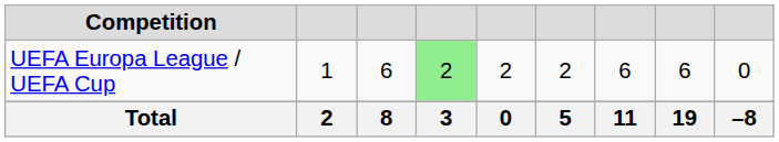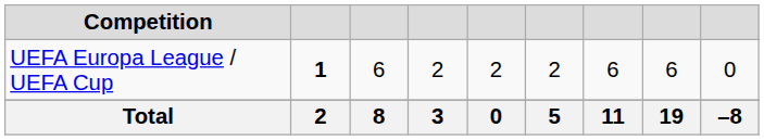 <table class="wikitable" style="text-align: center;">
 <tr>
 <th width="200" style="background:#DCDCDC">Competition</th>
 <th width="35" style="background:#DCDCDC"></th>
 <th width="35" style="background:#DCDCDC"></th>
 <th width="35" style="background:#DCDCDC"></th>
 <th width="35" style="background:#DCDCDC"></th>
 <th width="35" style="background:#DCDCDC"></th>
 <th width="35" style="background:#DCDCDC"></th>
 <th width="35" style="background:#DCDCDC"></th>
 <th width="35" style="background:#DCDCDC"></th>
 </tr>
 <tr>
 <td align=left><a href='#'>UEFA Europa League</a> / <a href='#'>UEFA Cup</a></td>
-<td>1</td>
+<td><strong>1</strong></td>
 <td>6</td>
-<td style="background: lightgreen;">2</td>
+<td>2</td>
 <td>2</td>
 <td>2</td>
 <td>6</td>
 <td>6</td>
 <td>0</td>
 </tr>
 <tr>
 </tr>
 <tr class="sortbottom">
 <th>Total</th>
 <th>2</th>
 <th>8</th>
 <th>3</th>
 <th>0</th>
 <th>5</th>
 <th>11</th>
 <th>19</th>
 <th>–8</th>
 </tr>
 </table>
